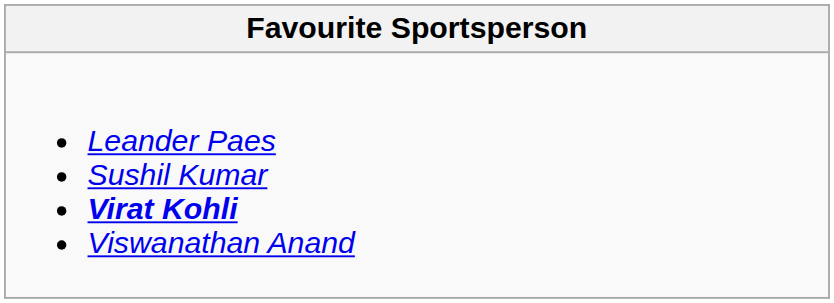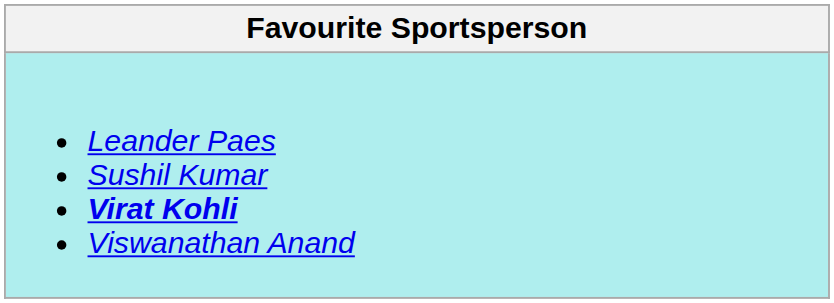 <table class="wikitable" width=70%>
 <tr>
 <th>Favourite Sportsperson</th>
 </tr>
 <tr>
-<td halign="left"><br><ul><li><em><a href='#'>Leander Paes</a></em></li><li><em><a href='#'>Sushil Kumar</a></em></li><li><strong><em><a href='#'>Virat Kohli</a></em></strong></li><li><em><a href='#'>Viswanathan Anand</a></em></li></ul></td>
+<td halign="left" style="background: paleturquoise;"><br><ul><li><em><a href='#'>Leander Paes</a></em></li><li><em><a href='#'>Sushil Kumar</a></em></li><li><strong><em><a href='#'>Virat Kohli</a></em></strong></li><li><em><a href='#'>Viswanathan Anand</a></em></li></ul></td>
 </tr>
 </table>
